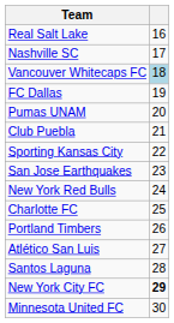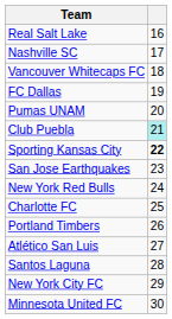 <table class="wikitable" style="white-space:nowrap; display:inline-table;">
 <tr>
 <th style="width:150px">Team</th>
 <th></th>
 </tr>
 <tr>
 <td> <a href='#'>Real Salt Lake</a></td>
 <td style="text-align:center">16</td>
 </tr>
 <tr>
 <td> <a href='#'>Nashville SC</a></td>
 <td style="text-align:center">17</td>
 </tr>
 <tr>
 <td> <a href='#'>Vancouver Whitecaps FC</a></td>
-<td style="background: lightblue; text-align:center">18</td>
+<td style="text-align:center">18</td>
 </tr>
 <tr>
 <td> <a href='#'>FC Dallas</a></td>
 <td style="text-align:center">19</td>
 </tr>
 <tr>
 <td> <a href='#'>Pumas UNAM</a></td>
 <td style="text-align:center">20</td>
 </tr>
 <tr>
 <td> <a href='#'>Club Puebla</a></td>
-<td style="text-align:center">21</td>
+<td style="background: paleturquoise; text-align:center">21</td>
 </tr>
 <tr>
 <td> <a href='#'>Sporting Kansas City</a></td>
-<td style="text-align:center">22</td>
+<td style="text-align:center"><strong>22</strong></td>
 </tr>
 <tr>
 <td> <a href='#'>San Jose Earthquakes</a></td>
 <td style="text-align:center">23</td>
 </tr>
 <tr>
 <td> <a href='#'>New York Red Bulls</a></td>
 <td style="text-align:center">24</td>
 </tr>
 <tr>
 <td> <a href='#'>Charlotte FC</a></td>
 <td style="text-align:center">25</td>
 </tr>
 <tr>
 <td> <a href='#'>Portland Timbers</a></td>
 <td style="text-align:center">26</td>
 </tr>
 <tr>
 <td> <a href='#'>Atlético San Luis</a></td>
 <td style="text-align:center">27</td>
 </tr>
 <tr>
 <td> <a href='#'>Santos Laguna</a></td>
 <td style="text-align:center">28</td>
 </tr>
 <tr>
 <td> <a href='#'>New York City FC</a></td>
-<td style="text-align:center"><strong>29</strong></td>
+<td style="text-align:center">29</td>
 </tr>
 <tr>
 <td> <a href='#'>Minnesota United FC</a></td>
 <td style="text-align:center">30</td>
 </tr>
 </table>
